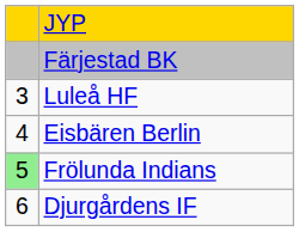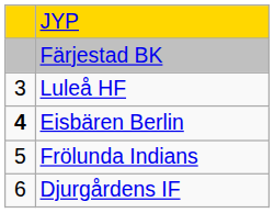 <table class="wikitable" style="width:200px;">
 <tr style="background:gold;">
 <td align=center></td>
 <td> <a href='#'>JYP</a></td>
 </tr>
 <tr style="background:silver;">
 <td align=center></td>
 <td> <a href='#'>Färjestad BK</a></td>
 </tr>
 <tr>
 <td align=center>3</td>
 <td> <a href='#'>Luleå HF</a></td>
 </tr>
 <tr>
-<td align=center>4</td>
+<td align=center><strong>4</strong></td>
 <td> <a href='#'>Eisbären Berlin</a></td>
 </tr>
 <tr>
-<td align=center style="background: lightgreen;">5</td>
+<td align=center>5</td>
 <td> <a href='#'>Frölunda Indians</a></td>
 </tr>
 <tr>
 <td align=center>6</td>
 <td> <a href='#'>Djurgårdens IF</a></td>
 </tr>
 </table>
